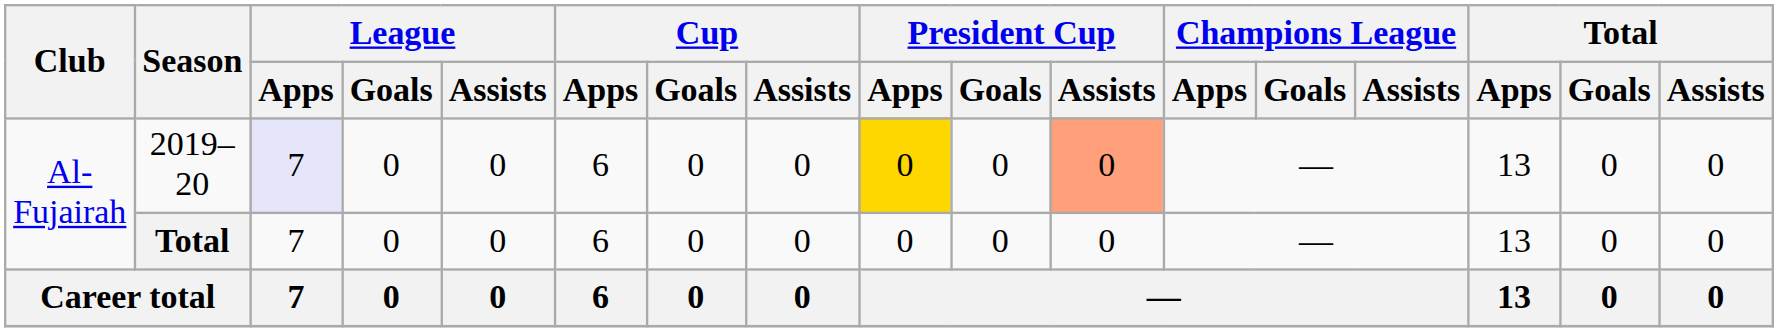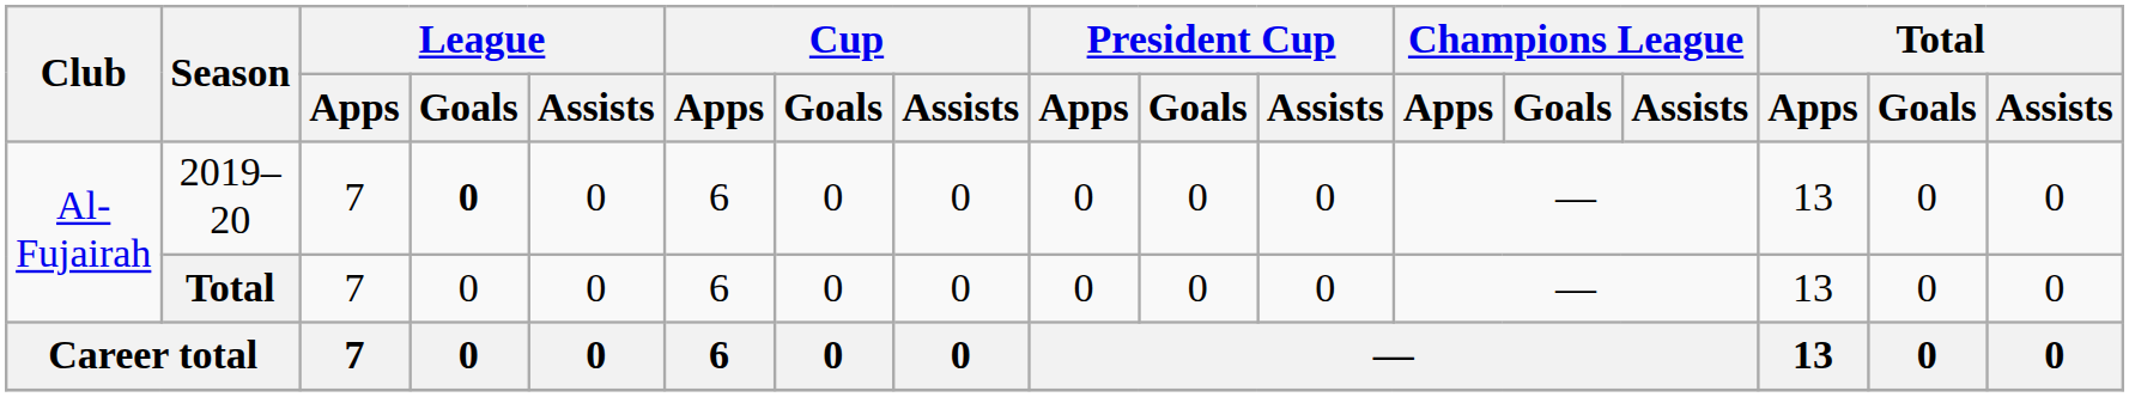 <table class="wikitable" style="font-size:90%; text-align: center;">
 <tr>
 <th rowspan="2">Club</th>
 <th rowspan="2">Season</th>
 <th colspan="3"><a href='#'>League</a></th>
 <th colspan="3"><a href='#'>Cup</a></th>
 <th colspan="3"><a href='#'>President Cup</a></th>
 <th colspan="3"><a href='#'>Champions League</a></th>
 <th colspan="3">Total</th>
 </tr>
 <tr>
 <th>Apps</th>
 <th>Goals</th>
 <th>Assists</th>
 <th>Apps</th>
 <th>Goals</th>
 <th>Assists</th>
 <th>Apps</th>
 <th>Goals</th>
 <th>Assists</th>
 <th>Apps</th>
 <th>Goals</th>
 <th>Assists</th>
 <th>Apps</th>
 <th>Goals</th>
 <th>Assists</th>
 </tr>
 <tr>
 <td rowspan="2" style="text-align:center;"><a href='#'>Al-Fujairah</a></td>
 <td !colspan="2">2019–20</td>
-<td style="background: lavender;">7</td>
-<td>0</td>
+<td>7</td>
+<td><strong>0</strong></td>
 <td>0</td>
 <td>6</td>
 <td>0</td>
 <td>0</td>
-<td style="background: gold;">0</td>
 <td>0</td>
-<td style="background: lightsalmon;">0</td>
+<td>0</td>
+<td>0</td>
 <td colspan="3">—</td>
 <td>13</td>
 <td>0</td>
 <td>0</td>
 </tr>
 <tr>
 <th colspan=1>Total</th>
 <td>7</td>
 <td>0</td>
 <td>0</td>
 <td>6</td>
 <td>0</td>
 <td>0</td>
 <td>0</td>
 <td>0</td>
 <td>0</td>
 <td colspan="3">—</td>
 <td>13</td>
 <td>0</td>
 <td>0</td>
 </tr>
 <tr>
 <th colspan=2>Career total</th>
 <th>7</th>
 <th>0</th>
 <th>0</th>
 <th>6</th>
 <th>0</th>
 <th>0</th>
 <th colspan="6">—</th>
 <th>13</th>
 <th>0</th>
 <th>0</th>
 </tr>
 <tr>
 </tr>
 </table>
